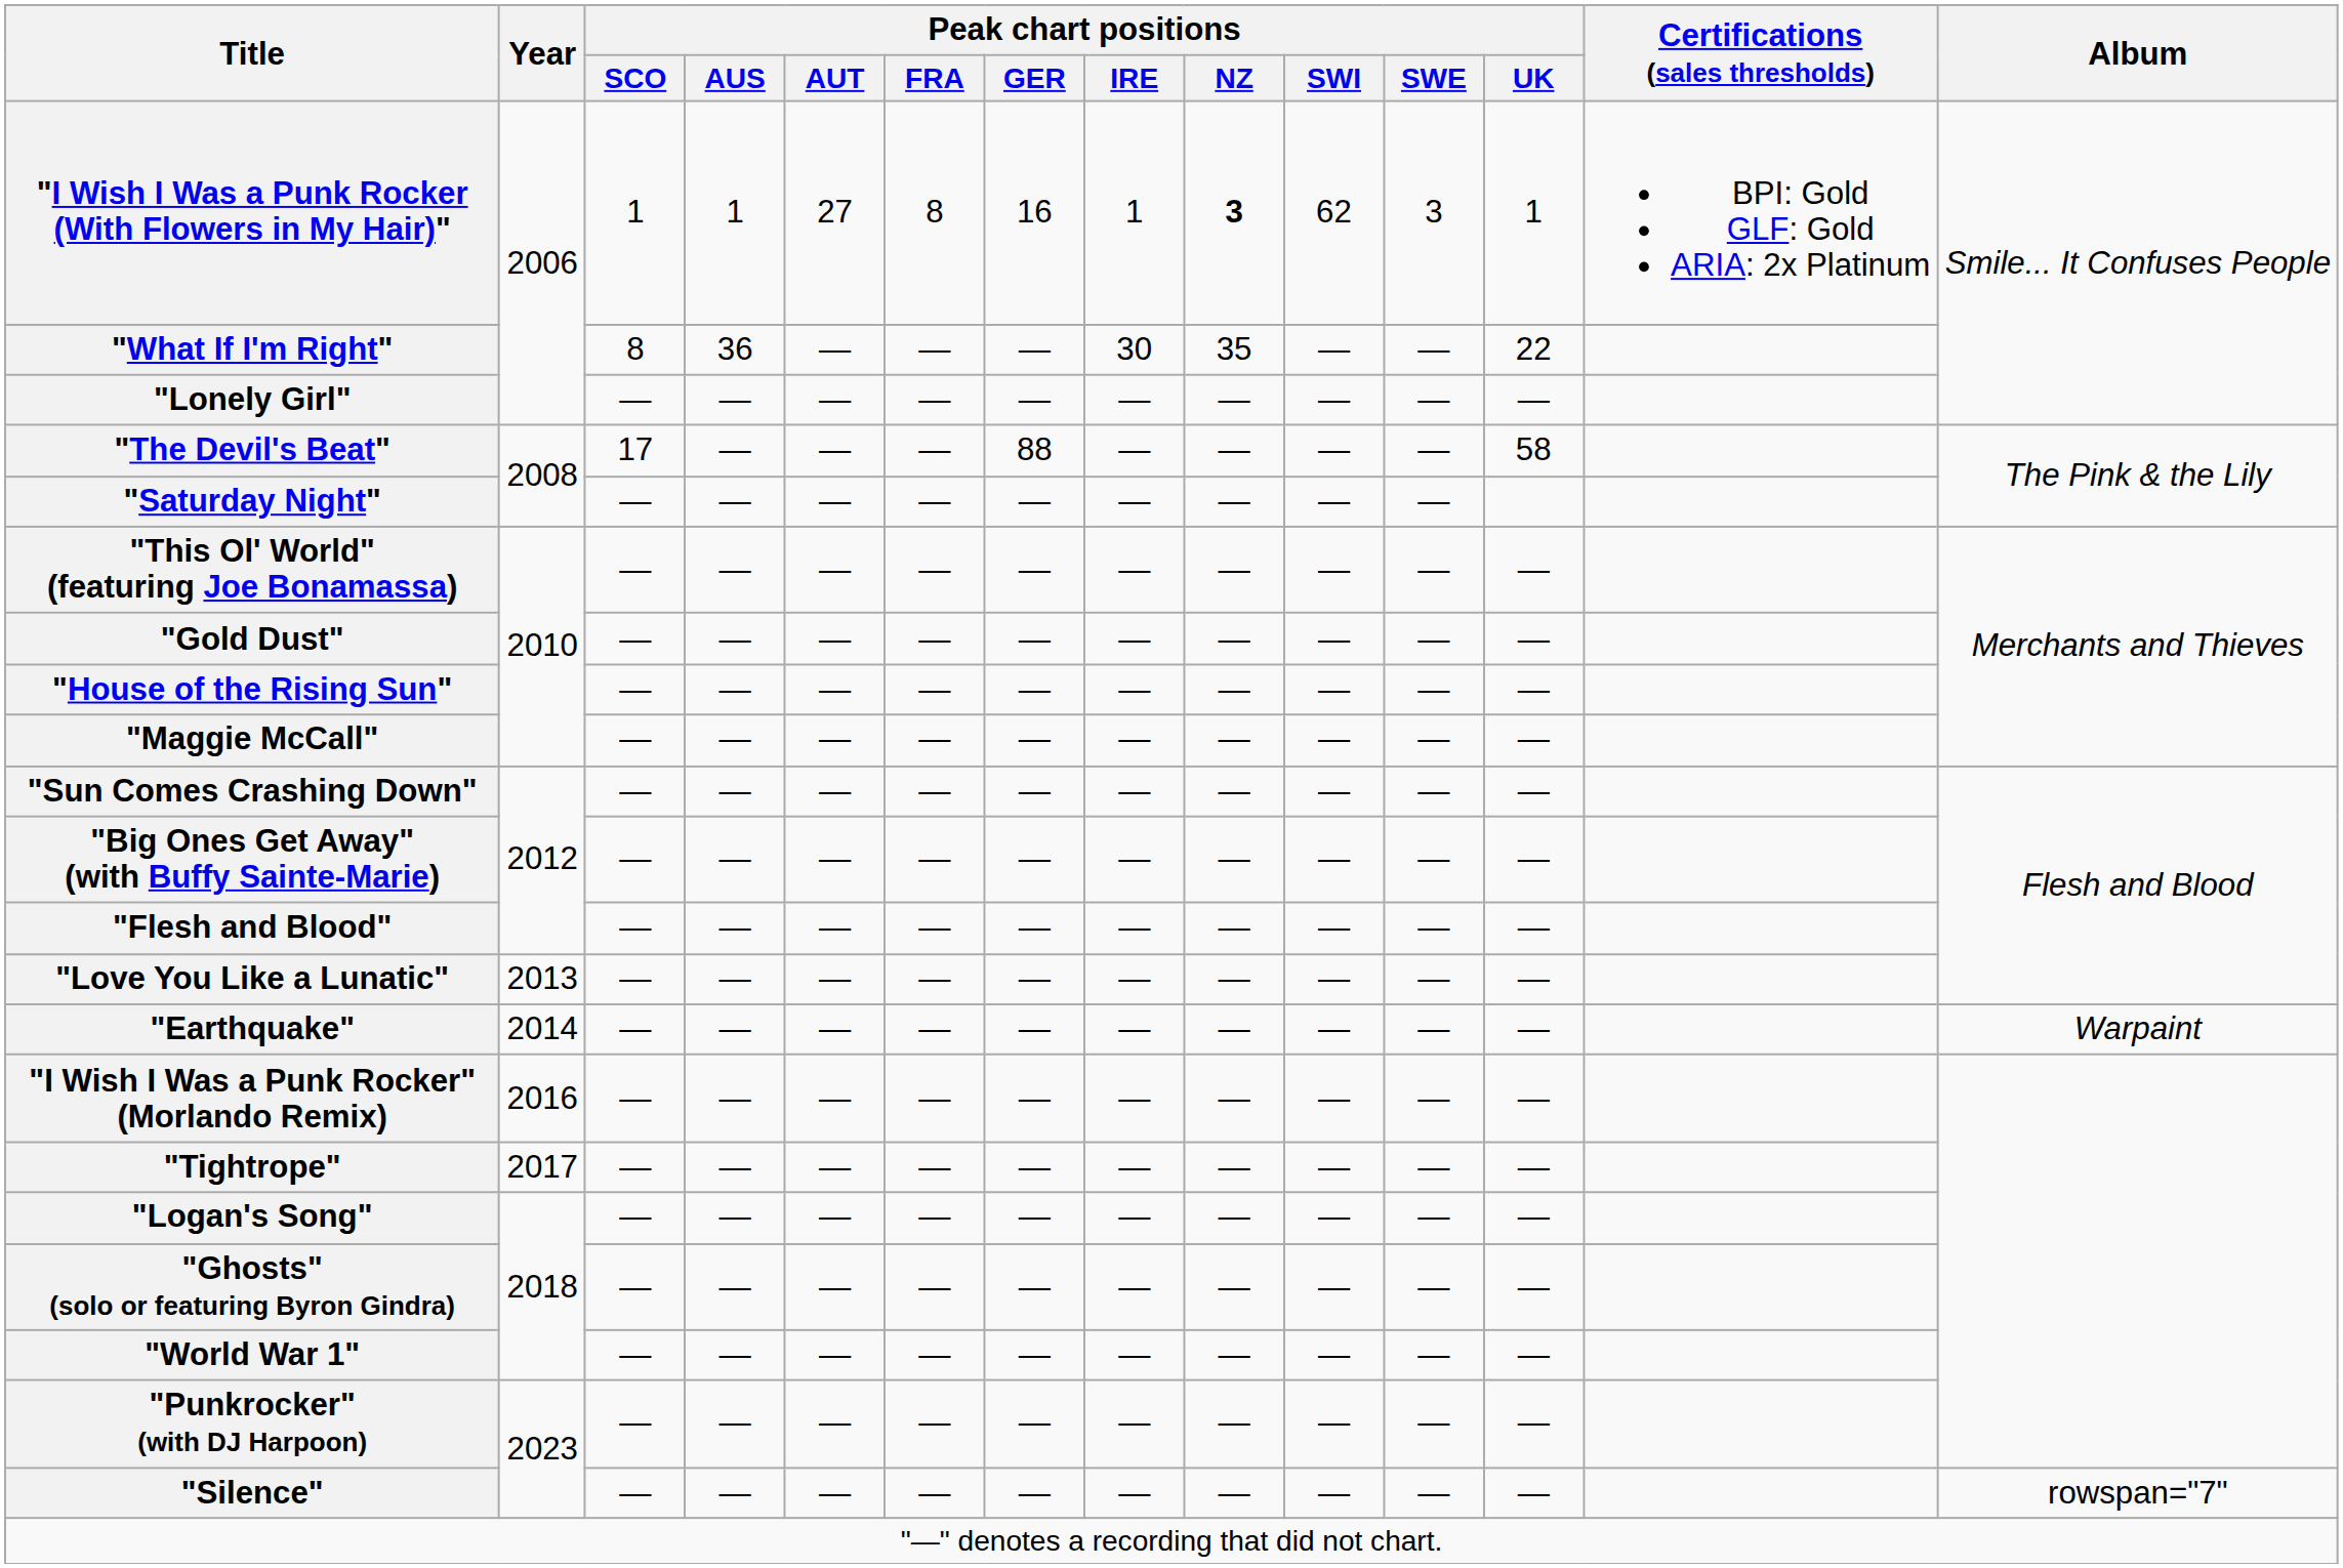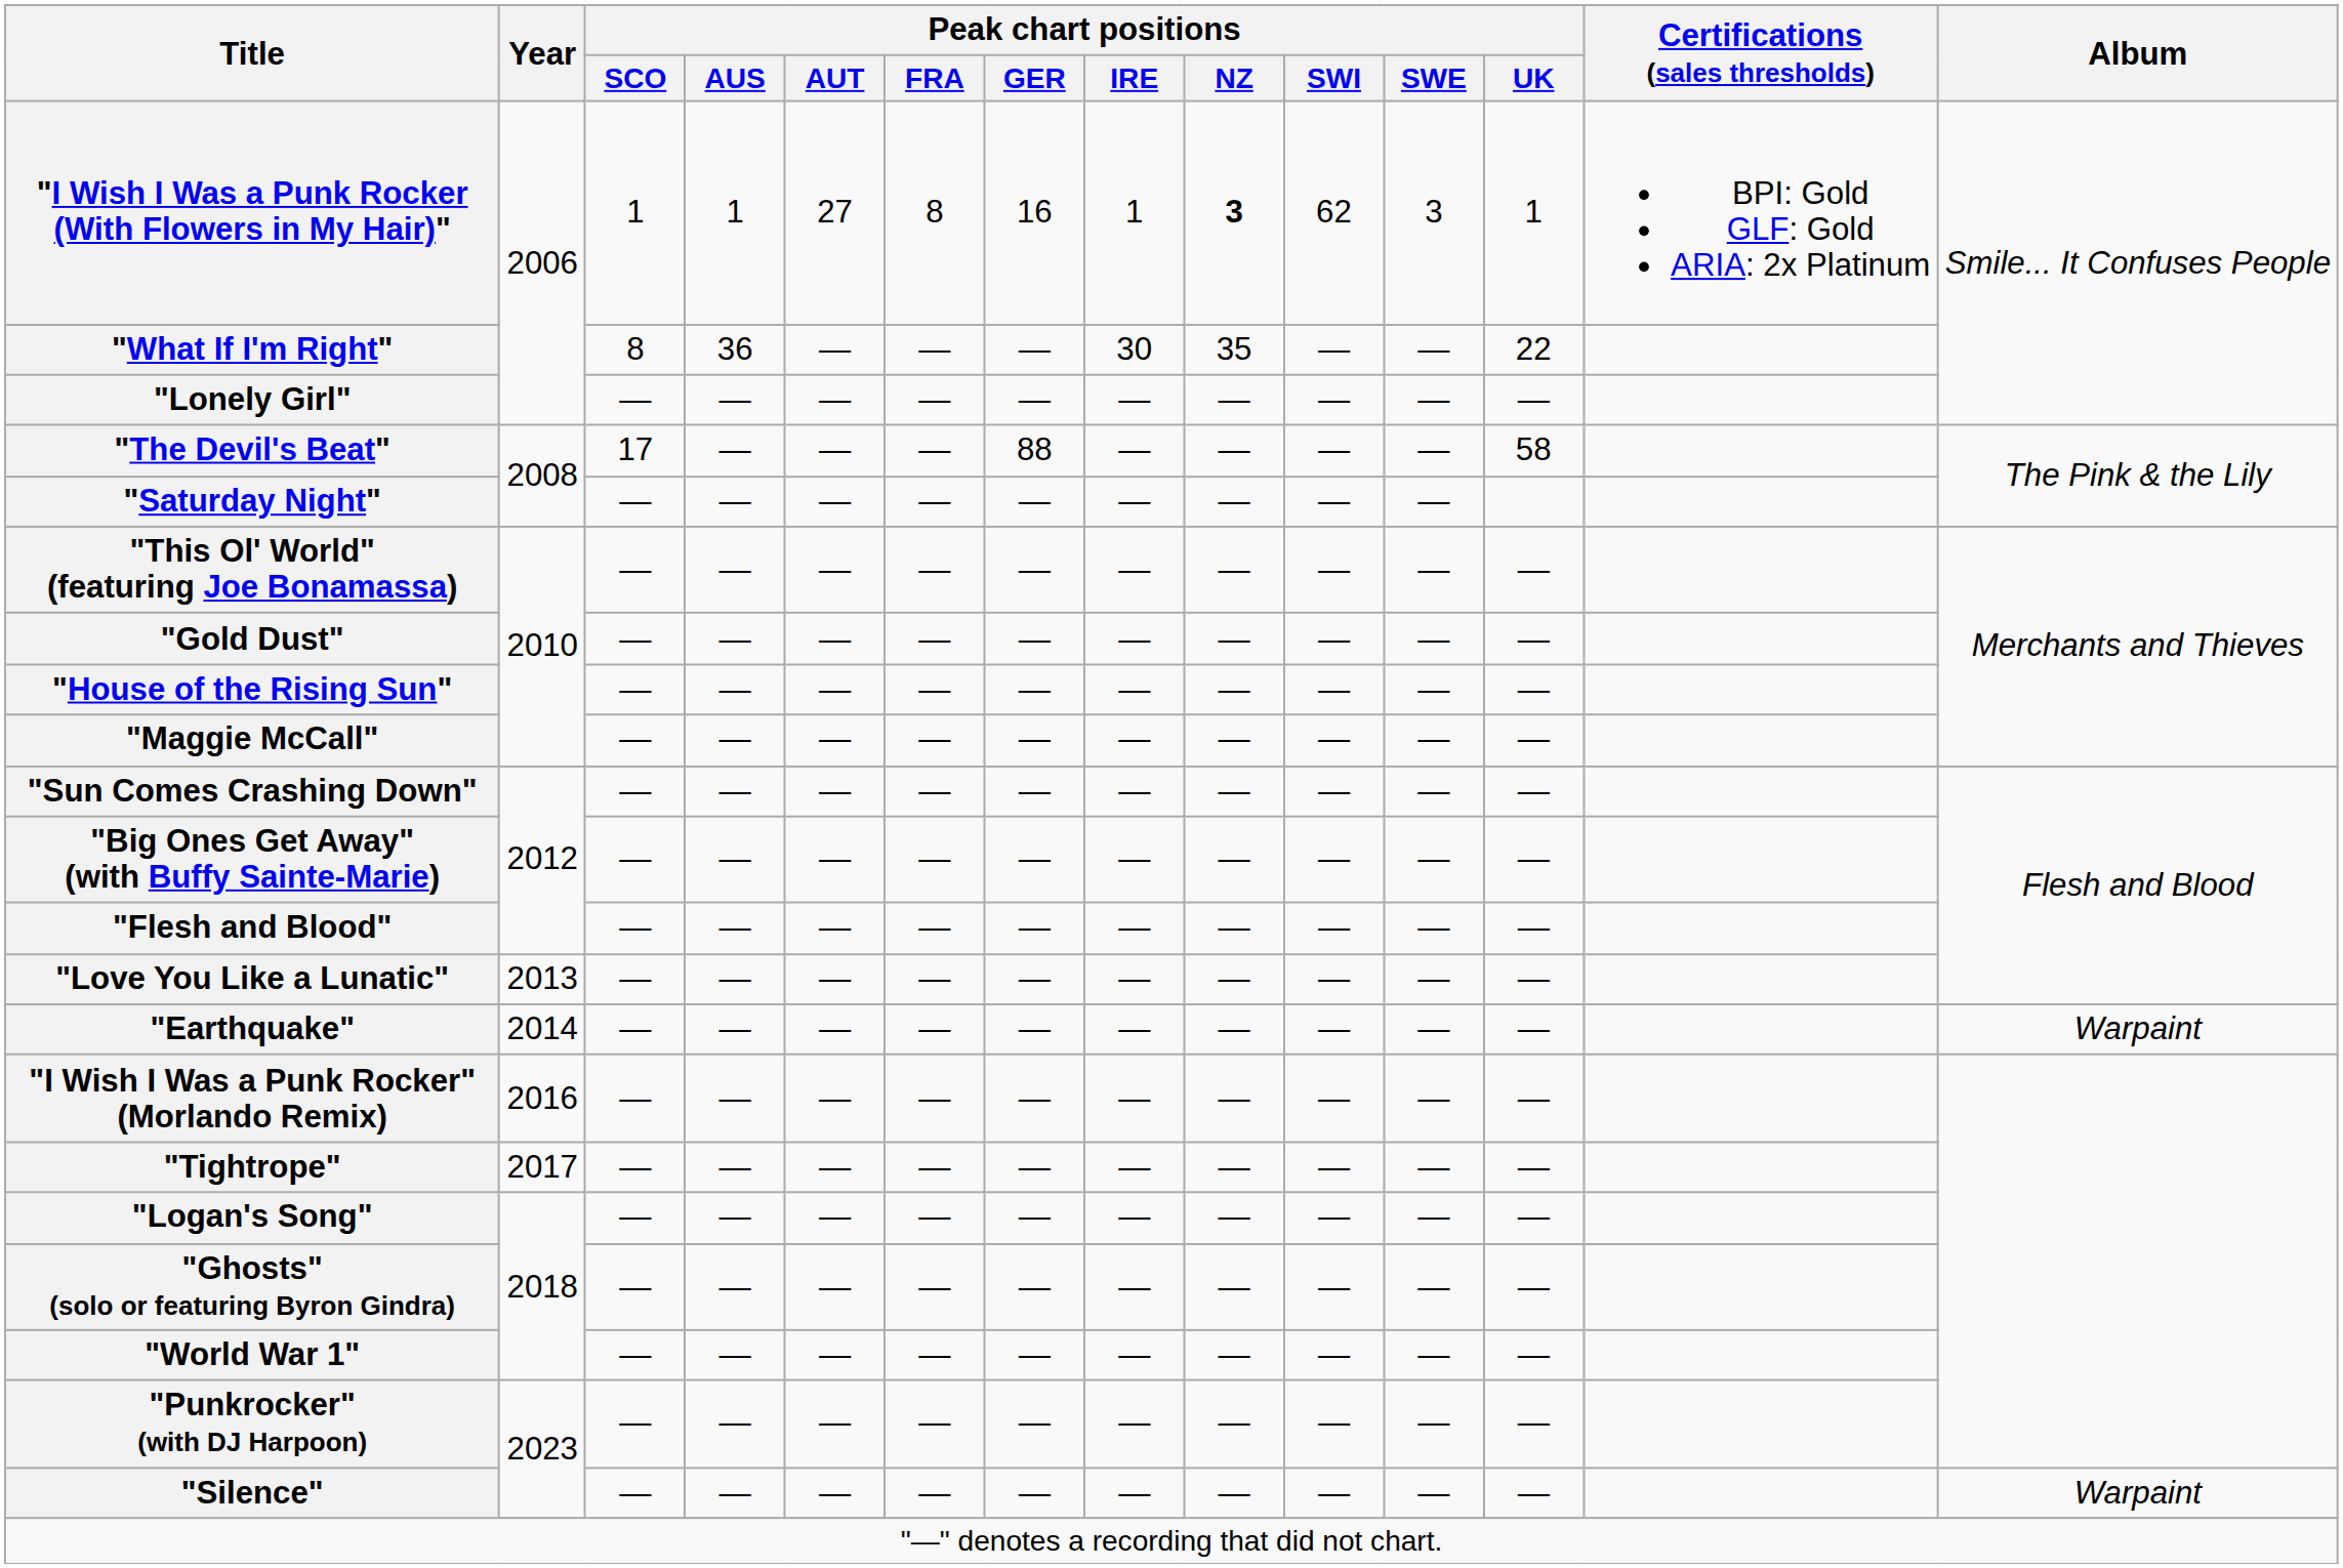 <table class="wikitable plainrowheaders" style="text-align:center;">
 <tr>
 <th scope="col" rowspan="2" style="width:15em;">Title</th>
 <th scope="col" rowspan="2">Year</th>
 <th scope="col" colspan="10">Peak chart positions</th>
 <th scope="col" rowspan="2"><a href='#'>Certifications</a><br><small>(<a href='#'>sales thresholds</a>)</small></th>
 <th scope="col" rowspan="2">Album</th>
 </tr>
 <tr>
 <th style="width:3em;font-size:90%"><a href='#'>SCO</a><br></th>
 <th style="width:3em;font-size:90%"><a href='#'>AUS</a><br></th>
 <th style="width:3em;font-size:90%"><a href='#'>AUT</a><br></th>
 <th style="width:3em;font-size:90%"><a href='#'>FRA</a><br></th>
 <th style="width:3em;font-size:90%"><a href='#'>GER</a><br></th>
 <th style="width:3em;font-size:90%"><a href='#'>IRE</a><br></th>
 <th style="width:3em;font-size:90%"><a href='#'>NZ</a><br></th>
 <th style="width:3em;font-size:90%"><a href='#'>SWI</a><br></th>
 <th style="width:3em;font-size:90%"><a href='#'>SWE</a><br></th>
 <th style="width:3em;font-size:90%"><a href='#'>UK</a><br></th>
 </tr>
 <tr>
 <th scope="row">"<a href='#'>I Wish I Was a Punk Rocker (With Flowers in My Hair)</a>"</th>
 <td rowspan="3">2006</td>
 <td>1</td>
 <td>1</td>
 <td>27</td>
 <td>8</td>
 <td>16</td>
 <td>1</td>
 <td><strong>3</strong></td>
 <td>62</td>
 <td>3</td>
 <td>1</td>
 <td><br><ul><li>BPI: Gold</li><li><a href='#'>GLF</a>: Gold</li><li><a href='#'>ARIA</a>: 2x Platinum</li></ul></td>
 <td rowspan="3"><em>Smile... It Confuses People</em></td>
 </tr>
 <tr>
 <th scope="row">"<a href='#'>What If I'm Right</a>"</th>
 <td>8</td>
 <td>36</td>
 <td>—</td>
 <td>—</td>
 <td>—</td>
 <td>30</td>
 <td>35</td>
 <td>—</td>
 <td>—</td>
 <td>22</td>
 <td></td>
 </tr>
 <tr>
 <th scope="row">"Lonely Girl"</th>
 <td>—</td>
 <td>—</td>
 <td>—</td>
 <td>—</td>
 <td>—</td>
 <td>—</td>
 <td>—</td>
 <td>—</td>
 <td>—</td>
 <td>—</td>
 <td></td>
 </tr>
 <tr>
 <th scope="row">"<a href='#'>The Devil's Beat</a>"</th>
 <td rowspan="2">2008</td>
 <td>17</td>
 <td>—</td>
 <td>—</td>
 <td>—</td>
 <td>88</td>
 <td>—</td>
 <td>—</td>
 <td>—</td>
 <td>—</td>
 <td>58</td>
 <td></td>
 <td rowspan="2"><em>The Pink & the Lily</em></td>
 </tr>
 <tr>
 <th scope="row">"<a href='#'>Saturday Night</a>"</th>
 <td>—</td>
 <td>—</td>
 <td>—</td>
 <td>—</td>
 <td>—</td>
 <td>—</td>
 <td>—</td>
 <td>—</td>
 <td>—</td>
 <td></td>
 </tr>
 <tr>
 <th scope="row">"This Ol' World"<br><span>(featuring <a href='#'>Joe Bonamassa</a>)</span></th>
 <td rowspan="4">2010</td>
 <td>—</td>
 <td>—</td>
 <td>—</td>
 <td>—</td>
 <td>—</td>
 <td>—</td>
 <td>—</td>
 <td>—</td>
 <td>—</td>
 <td>—</td>
 <td></td>
 <td rowspan="4"><em>Merchants and Thieves</em></td>
 </tr>
 <tr>
 <th scope="row">"Gold Dust"</th>
 <td>—</td>
 <td>—</td>
 <td>—</td>
 <td>—</td>
 <td>—</td>
 <td>—</td>
 <td>—</td>
 <td>—</td>
 <td>—</td>
 <td>—</td>
 <td></td>
 </tr>
 <tr>
 <th scope="row">"<a href='#'>House of the Rising Sun</a>"</th>
 <td>—</td>
 <td>—</td>
 <td>—</td>
 <td>—</td>
 <td>—</td>
 <td>—</td>
 <td>—</td>
 <td>—</td>
 <td>—</td>
 <td>—</td>
 <td></td>
 </tr>
 <tr>
 <th scope="row">"Maggie McCall"</th>
 <td>—</td>
 <td>—</td>
 <td>—</td>
 <td>—</td>
 <td>—</td>
 <td>—</td>
 <td>—</td>
 <td>—</td>
 <td>—</td>
 <td>—</td>
 <td></td>
 </tr>
 <tr>
 <th scope="row">"Sun Comes Crashing Down"</th>
 <td rowspan="3">2012</td>
 <td>—</td>
 <td>—</td>
 <td>—</td>
 <td>—</td>
 <td>—</td>
 <td>—</td>
 <td>—</td>
 <td>—</td>
 <td>—</td>
 <td>—</td>
 <td></td>
 <td rowspan="4"><em>Flesh and Blood</em></td>
 </tr>
 <tr>
 <th scope="row">"Big Ones Get Away"<br><span>(with <a href='#'>Buffy Sainte-Marie</a>)</span></th>
 <td>—</td>
 <td>—</td>
 <td>—</td>
 <td>—</td>
 <td>—</td>
 <td>—</td>
 <td>—</td>
 <td>—</td>
 <td>—</td>
 <td>—</td>
 <td></td>
 </tr>
 <tr>
 <th scope="row">"Flesh and Blood"</th>
 <td>—</td>
 <td>—</td>
 <td>—</td>
 <td>—</td>
 <td>—</td>
 <td>—</td>
 <td>—</td>
 <td>—</td>
 <td>—</td>
 <td>—</td>
 <td></td>
 </tr>
 <tr>
 <th scope="row">"Love You Like a Lunatic"</th>
 <td>2013</td>
 <td>—</td>
 <td>—</td>
 <td>—</td>
 <td>—</td>
 <td>—</td>
 <td>—</td>
 <td>—</td>
 <td>—</td>
 <td>—</td>
 <td>—</td>
 <td></td>
 </tr>
 <tr>
 <th scope="row">"Earthquake"</th>
 <td>2014</td>
 <td>—</td>
 <td>—</td>
 <td>—</td>
 <td>—</td>
 <td>—</td>
 <td>—</td>
 <td>—</td>
 <td>—</td>
 <td>—</td>
 <td>—</td>
 <td></td>
 <td><em>Warpaint</em></td>
 </tr>
 <tr>
 <th scope="row">"I Wish I Was a Punk Rocker" (Morlando Remix)</th>
 <td>2016</td>
 <td>—</td>
 <td>—</td>
 <td>—</td>
 <td>—</td>
 <td>—</td>
 <td>—</td>
 <td>—</td>
 <td>—</td>
 <td>—</td>
 <td>—</td>
 <td></td>
 </tr>
 <tr>
 <th scope="row">"Tightrope"</th>
 <td>2017</td>
 <td>—</td>
 <td>—</td>
 <td>—</td>
 <td>—</td>
 <td>—</td>
 <td>—</td>
 <td>—</td>
 <td>—</td>
 <td>—</td>
 <td>—</td>
 <td></td>
 </tr>
 <tr>
 <th scope="row">"Logan's Song"</th>
 <td rowspan="3">2018</td>
 <td>—</td>
 <td>—</td>
 <td>—</td>
 <td>—</td>
 <td>—</td>
 <td>—</td>
 <td>—</td>
 <td>—</td>
 <td>—</td>
 <td>—</td>
 <td></td>
 </tr>
 <tr>
 <th scope="row">"Ghosts" <br><small>(solo or featuring Byron Gindra)</small></th>
 <td>—</td>
 <td>—</td>
 <td>—</td>
 <td>—</td>
 <td>—</td>
 <td>—</td>
 <td>—</td>
 <td>—</td>
 <td>—</td>
 <td>—</td>
 <td></td>
 </tr>
 <tr>
 <th scope="row">"World War 1"</th>
 <td>—</td>
 <td>—</td>
 <td>—</td>
 <td>—</td>
 <td>—</td>
 <td>—</td>
 <td>—</td>
 <td>—</td>
 <td>—</td>
 <td>—</td>
 <td></td>
 </tr>
 <tr>
 <th scope="row">"Punkrocker" <br><small>(with DJ Harpoon)</small></th>
 <td rowspan="2">2023</td>
 <td>—</td>
 <td>—</td>
 <td>—</td>
 <td>—</td>
 <td>—</td>
 <td>—</td>
 <td>—</td>
 <td>—</td>
 <td>—</td>
 <td>—</td>
 <td></td>
 </tr>
 <tr>
 <th scope="row">"Silence"</th>
 <td>—</td>
 <td>—</td>
 <td>—</td>
 <td>—</td>
 <td>—</td>
 <td>—</td>
 <td>—</td>
 <td>—</td>
 <td>—</td>
 <td>—</td>
 <td></td>
-<td>rowspan="7" </td>
+<td><em>Warpaint</em></td>
 </tr>
 <tr>
 <td colspan="16" style="text-align:center; font-size:90%;">"—" denotes a recording that did not chart.</td>
 </tr>
 </table>
